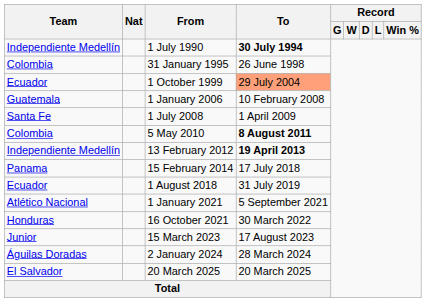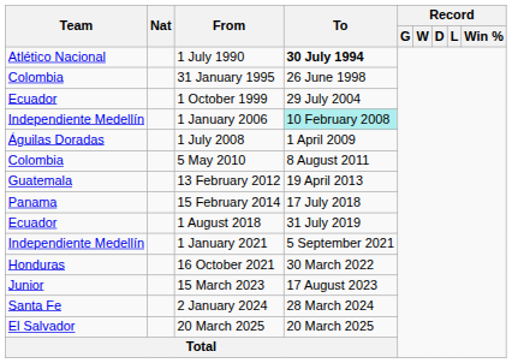 <table class="wikitable" style="text-align:centre">
 <tr>
 <th rowspan=2>Team</th>
 <th rowspan=2>Nat</th>
 <th rowspan=2>From</th>
 <th rowspan=2>To</th>
 <th colspan=8>Record</th>
 </tr>
 <tr>
 <th>G</th>
 <th>W</th>
 <th>D</th>
 <th>L</th>
 <th>Win %</th>
 </tr>
 <tr>
-<td align=left><a href='#'>Independiente Medellín</a></td>
+<td align=left><a href='#'>Atlético Nacional</a></td>
 <td></td>
 <td align=left>1 July 1990</td>
 <td align=left><strong>30 July 1994<br></strong></td>
 </tr>
 <tr>
 <td align=left><a href='#'>Colombia</a></td>
 <td></td>
 <td align=left>31 January 1995</td>
 <td align=left>26 June 1998<br></td>
 </tr>
 <tr>
 <td align=left><a href='#'>Ecuador</a></td>
 <td></td>
 <td align=left>1 October 1999</td>
-<td align=left style="background: lightsalmon;">29 July 2004<br></td>
+<td align=left>29 July 2004<br></td>
 </tr>
 <tr>
-<td align=left><a href='#'>Guatemala</a></td>
+<td align=left><a href='#'>Independiente Medellín</a></td>
 <td></td>
 <td align=left>1 January 2006</td>
-<td align=left>10 February 2008<br></td>
+<td align=left style="background: paleturquoise;">10 February 2008<br></td>
 </tr>
 <tr>
-<td align=left><a href='#'>Santa Fe</a></td>
+<td align=left><a href='#'>Águilas Doradas</a></td>
 <td></td>
 <td align=left>1 July 2008</td>
 <td align=left>1 April 2009<br></td>
 </tr>
 <tr>
 <td align=left><a href='#'>Colombia</a></td>
 <td></td>
 <td align=left>5 May 2010</td>
-<td align=left><strong>8 August 2011<br></strong></td>
+<td align=left>8 August 2011<br></td>
 </tr>
 <tr>
-<td align=left><a href='#'>Independiente Medellín</a></td>
+<td align=left><a href='#'>Guatemala</a></td>
 <td></td>
 <td align=left>13 February 2012</td>
-<td align=left><strong>19 April 2013<br></strong></td>
+<td align=left>19 April 2013<br></td>
 </tr>
 <tr>
 <td align=left><a href='#'>Panama</a></td>
 <td></td>
 <td align=left>15 February 2014</td>
 <td align=left>17 July 2018<br></td>
 </tr>
 <tr>
 <td align=left><a href='#'>Ecuador</a></td>
 <td></td>
 <td align=left>1 August 2018</td>
 <td align=left>31 July 2019<br></td>
 </tr>
 <tr>
-<td align=left><a href='#'>Atlético Nacional</a></td>
+<td align=left><a href='#'>Independiente Medellín</a></td>
 <td></td>
 <td align=left>1 January 2021</td>
 <td align=left>5 September 2021<br></td>
 </tr>
 <tr>
 <td align=left><a href='#'>Honduras</a></td>
 <td></td>
 <td align=left>16 October 2021</td>
 <td align=left>30 March 2022<br></td>
 </tr>
 <tr>
 <td align=left><a href='#'>Junior</a></td>
 <td></td>
 <td align=left>15 March 2023</td>
 <td align=left>17 August 2023<br></td>
 </tr>
 <tr>
-<td align=left><a href='#'>Águilas Doradas</a></td>
+<td align=left><a href='#'>Santa Fe</a></td>
 <td></td>
 <td align=left>2 January 2024</td>
 <td align=left>28 March 2024<br></td>
 </tr>
 <tr>
 <td align=left><a href='#'>El Salvador</a></td>
 <td></td>
 <td align=left>20 March 2025</td>
 <td align=left>20 March 2025<br></td>
 </tr>
 <tr>
 <th colspan="4">Total<br></th>
 </tr>
 </table>
